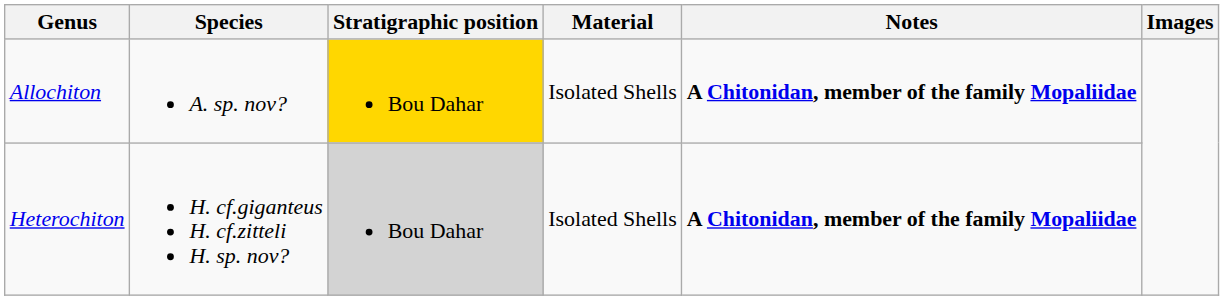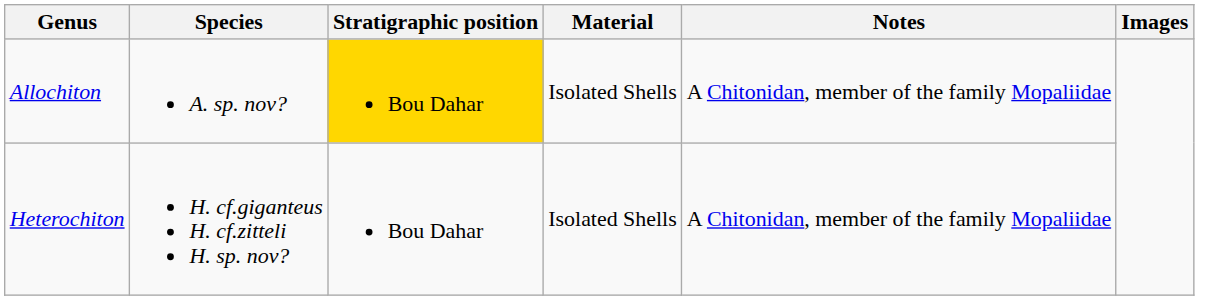 <table class="wikitable">
 <tr>
 <th>Genus</th>
 <th>Species</th>
 <th>Stratigraphic position</th>
 <th>Material</th>
 <th>Notes</th>
 <th>Images</th>
 </tr>
 <tr>
 <td><em><a href='#'>Allochiton</a></em></td>
 <td><br><ul><li><em>A. sp. nov?</em></li></ul></td>
 <td style="background: gold;"><br><ul><li>Bou Dahar</li></ul></td>
 <td>Isolated Shells</td>
-<td><strong>A <a href='#'>Chitonidan</a>, member of the family <a href='#'>Mopaliidae</a></strong></td>
+<td>A <a href='#'>Chitonidan</a>, member of the family <a href='#'>Mopaliidae</a></td>
 <td rowspan="2"></td>
 </tr>
 <tr>
 <td><em><a href='#'>Heterochiton</a></em></td>
 <td><br><ul><li><em>H. cf.giganteus</em></li><li><em>H. cf.zitteli</em></li><li><em>H. sp. nov?</em></li></ul></td>
-<td style="background: lightgrey;"><br><ul><li>Bou Dahar</li></ul></td>
+<td><br><ul><li>Bou Dahar</li></ul></td>
 <td>Isolated Shells</td>
-<td><strong>A <a href='#'>Chitonidan</a>, member of the family <a href='#'>Mopaliidae</a></strong></td>
+<td>A <a href='#'>Chitonidan</a>, member of the family <a href='#'>Mopaliidae</a></td>
 </tr>
 </table>
